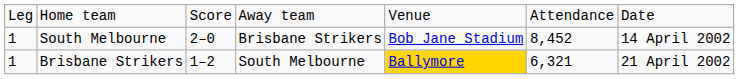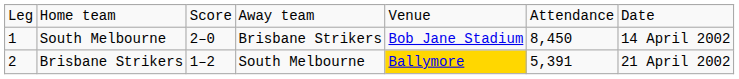 <table class="wikitable" style="text-align:left">
 <tr>
 <td>Leg</td>
 <td>Home team</td>
 <td>Score</td>
 <td>Away team</td>
 <td>Venue</td>
 <td>Attendance</td>
 <td>Date</td>
 </tr>
 <tr>
 <td>1</td>
 <td>South Melbourne</td>
 <td>2–0</td>
 <td>Brisbane Strikers</td>
 <td><a href='#'>Bob Jane Stadium</a></td>
-<td>8,452</td>
+<td>8,450</td>
 <td>14 April 2002</td>
 </tr>
 <tr>
-<td>1</td>
+<td>2</td>
 <td>Brisbane Strikers</td>
 <td>1–2</td>
 <td>South Melbourne</td>
 <td style="background: gold;"><a href='#'>Ballymore</a></td>
-<td>6,321</td>
+<td>5,391</td>
 <td>21 April 2002</td>
 </tr>
 </table>
